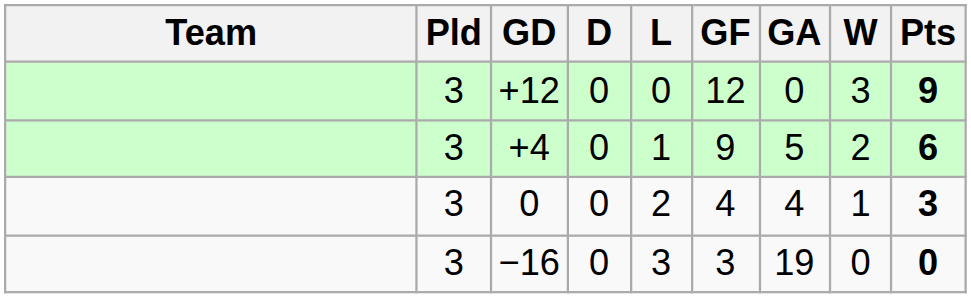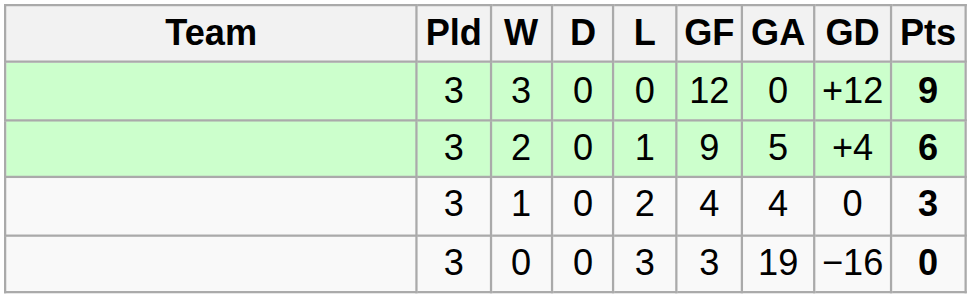 <table class="wikitable" style="text-align: center;">
 <tr>
 <th width=175>Team</th>
 <th width=20 abbr="Played">Pld</th>
-<th width=20 abbr="Goal difference">GD</th>
+<th width=20 abbr="Won">W</th>
 <th width=20 abbr="Drawn">D</th>
 <th width=20 abbr="Lost">L</th>
 <th width=20 abbr="Goals for">GF</th>
 <th width=20 abbr="Goals against">GA</th>
-<th width=20 abbr="Won">W</th>
+<th width=20 abbr="Goal difference">GD</th>
 <th width=20 abbr="Points">Pts</th>
 </tr>
 <tr bgcolor=ccffcc>
 <td style="text-align:left;"></td>
 <td>3</td>
-<td>+12</td>
+<td>3</td>
 <td>0</td>
 <td>0</td>
 <td>12</td>
 <td>0</td>
-<td>3</td>
+<td>+12</td>
 <td><strong>9</strong></td>
 </tr>
 <tr bgcolor=ccffcc>
 <td style="text-align:left;"></td>
 <td>3</td>
-<td>+4</td>
+<td>2</td>
 <td>0</td>
 <td>1</td>
 <td>9</td>
 <td>5</td>
+<td>+4</td>
+<td><strong>6</strong></td>
+</tr>
+<tr>
+<td style="text-align:left;"></td>
+<td>3</td>
+<td>1</td>
+<td>0</td>
 <td>2</td>
-<td><strong>6</strong></td>
+<td>4</td>
+<td>4</td>
+<td>0</td>
+<td><strong>3</strong></td>
 </tr>
 <tr>
 <td style="text-align:left;"></td>
 <td>3</td>
 <td>0</td>
 <td>0</td>
-<td>2</td>
-<td>4</td>
-<td>4</td>
-<td>1</td>
-<td><strong>3</strong></td>
-</tr>
-<tr>
-<td style="text-align:left;"></td>
-<td>3</td>
-<td>−16</td>
-<td>0</td>
 <td>3</td>
 <td>3</td>
 <td>19</td>
-<td>0</td>
+<td>−16</td>
 <td><strong>0</strong></td>
 </tr>
 </table>
